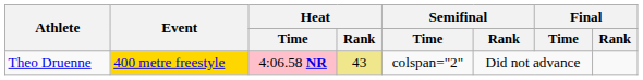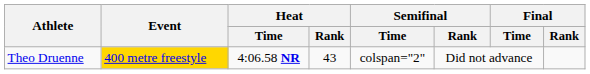 <table class="wikitable" style="text-align:center; font-size:90%; width:50%;">
 <tr>
 <th rowspan="2">Athlete</th>
 <th rowspan="2">Event</th>
 <th colspan="2">Heat</th>
 <th colspan="2">Semifinal</th>
 <th colspan="2">Final</th>
 </tr>
 <tr style="font-size:95%">
 <th>Time</th>
 <th>Rank</th>
 <th>Time</th>
 <th>Rank</th>
 <th>Time</th>
 <th>Rank</th>
 </tr>
 <tr>
 <td align=left><a href='#'>Theo Druenne</a></td>
 <td align=left style="background: gold;"><a href='#'>400 metre freestyle</a></td>
-<td style="background: pink;">4:06.58 <strong><a href='#'>NR</a></strong></td>
-<td style="background: khaki;">43</td>
+<td>4:06.58 <strong><a href='#'>NR</a></strong></td>
+<td>43</td>
 <td>colspan="2" </td>
 <td colspan="2">Did not advance</td>
 </tr>
 </table>
